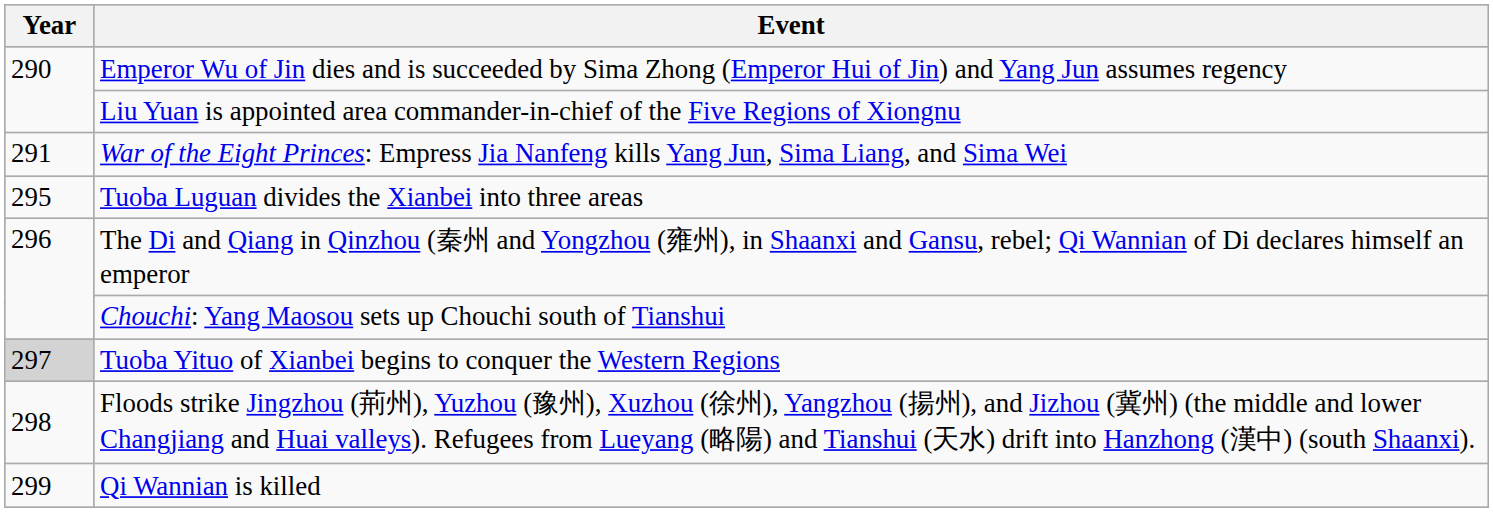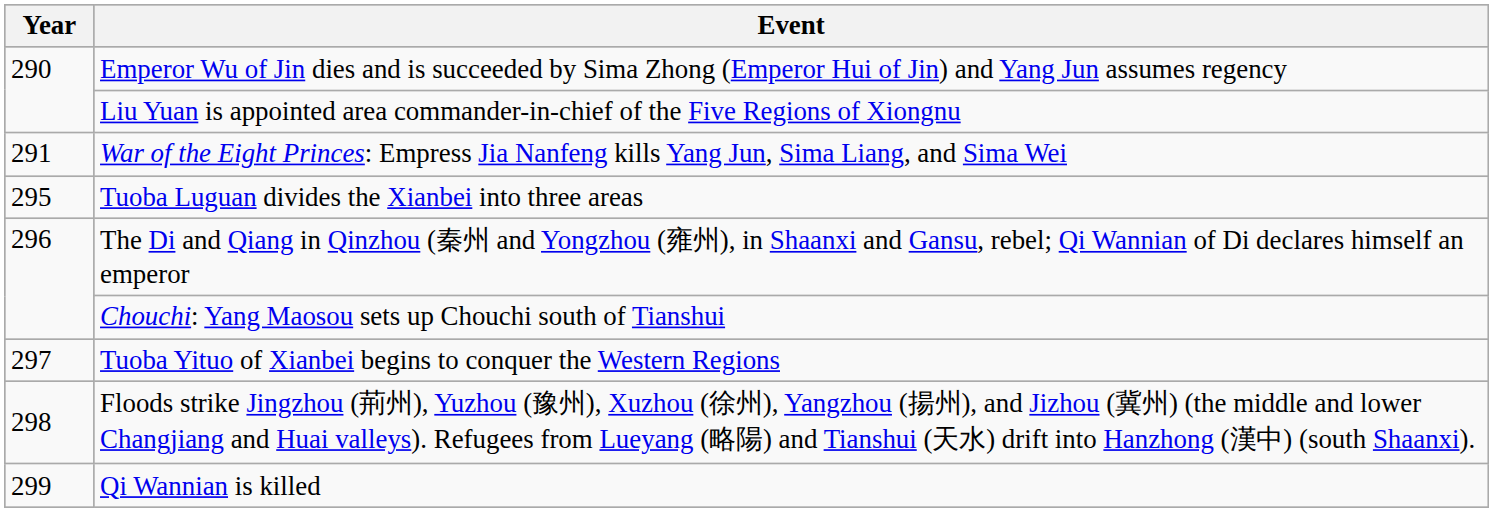 <table class="wikitable" style="width:100%;">
 <tr>
 <th style="width:6%">Year</th>
 <th>Event</th>
 </tr>
 <tr>
 <td rowspan="2" style="vertical-align:top;">290</td>
 <td><a href='#'>Emperor Wu of Jin</a> dies and is succeeded by Sima Zhong (<a href='#'>Emperor Hui of Jin</a>) and <a href='#'>Yang Jun</a> assumes regency</td>
 </tr>
 <tr>
 <td><a href='#'>Liu Yuan</a> is appointed area commander-in-chief of the <a href='#'>Five Regions of Xiongnu</a></td>
 </tr>
 <tr>
 <td>291</td>
 <td><em><a href='#'>War of the Eight Princes</a></em>: Empress <a href='#'>Jia Nanfeng</a> kills <a href='#'>Yang Jun</a>, <a href='#'>Sima Liang</a>, and <a href='#'>Sima Wei</a></td>
 </tr>
 <tr>
 <td>295</td>
 <td><a href='#'>Tuoba Luguan</a> divides the <a href='#'>Xianbei</a> into three areas</td>
 </tr>
 <tr>
 <td rowspan="2" style="vertical-align:top;">296</td>
 <td>The <a href='#'>Di</a> and <a href='#'>Qiang</a> in <a href='#'>Qinzhou</a> (秦州 and <a href='#'>Yongzhou</a> (雍州), in <a href='#'>Shaanxi</a> and <a href='#'>Gansu</a>, rebel; <a href='#'>Qi Wannian</a> of Di declares himself an emperor</td>
 </tr>
 <tr>
 <td><em><a href='#'>Chouchi</a></em>: <a href='#'>Yang Maosou</a> sets up Chouchi south of <a href='#'>Tianshui</a></td>
 </tr>
 <tr>
-<td style="background: lightgrey;">297</td>
+<td>297</td>
 <td><a href='#'>Tuoba Yituo</a> of <a href='#'>Xianbei</a> begins to conquer the <a href='#'>Western Regions</a></td>
 </tr>
 <tr>
 <td>298</td>
 <td>Floods strike <a href='#'>Jingzhou</a> (荊州), <a href='#'>Yuzhou</a> (豫州), <a href='#'>Xuzhou</a> (徐州), <a href='#'>Yangzhou</a> (揚州), and <a href='#'>Jizhou</a> (冀州) (the middle and lower <a href='#'>Changjiang</a> and <a href='#'>Huai valleys</a>). Refugees from <a href='#'>Lueyang</a> (略陽) and <a href='#'>Tianshui</a> (天水) drift into <a href='#'>Hanzhong</a> (漢中) (south <a href='#'>Shaanxi</a>).</td>
 </tr>
 <tr>
 <td>299</td>
 <td><a href='#'>Qi Wannian</a> is killed</td>
 </tr>
 </table>
